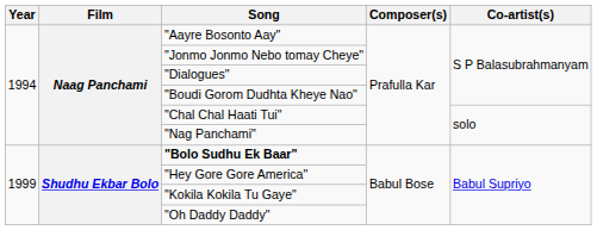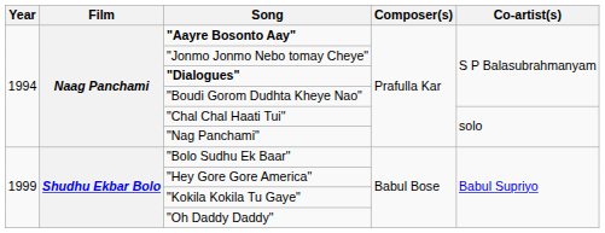 <table class="wikitable">
 <tr>
 <th>Year</th>
 <th>Film</th>
 <th>Song</th>
 <th>Composer(s)</th>
 <th>Co-artist(s)</th>
 </tr>
 <tr>
 <td rowspan=6>1994</td>
 <th Rowspan=6><em>Naag Panchami</em></th>
-<td>"Aayre Bosonto Aay"</td>
+<td><strong>"Aayre Bosonto Aay"</strong></td>
 <td rowspan=6>Prafulla Kar</td>
 <td rowspan=4>S P Balasubrahmanyam</td>
 </tr>
 <tr>
 <td>"Jonmo Jonmo Nebo tomay Cheye"</td>
 </tr>
 <tr>
-<td>"Dialogues"</td>
+<td><strong>"Dialogues"</strong></td>
 </tr>
 <tr>
 <td>"Boudi Gorom Dudhta Kheye Nao"</td>
 </tr>
 <tr>
 <td>"Chal Chal Haati Tui"</td>
 <td rowspan=2>solo</td>
 </tr>
 <tr>
 <td>"Nag Panchami"</td>
 </tr>
 <tr>
 <td rowspan="4">1999</td>
 <th rowspan="4"><em><a href='#'>Shudhu Ekbar Bolo</a></em></th>
-<td><strong>"Bolo Sudhu Ek Baar"</strong></td>
+<td>"Bolo Sudhu Ek Baar"</td>
 <td rowspan="4">Babul Bose</td>
 <td rowspan="4"><a href='#'>Babul Supriyo</a></td>
 </tr>
 <tr>
 <td>"Hey Gore Gore America"</td>
 </tr>
 <tr>
 <td>"Kokila Kokila Tu Gaye"</td>
 </tr>
 <tr>
 <td>"Oh Daddy Daddy"</td>
 </tr>
 </table>
